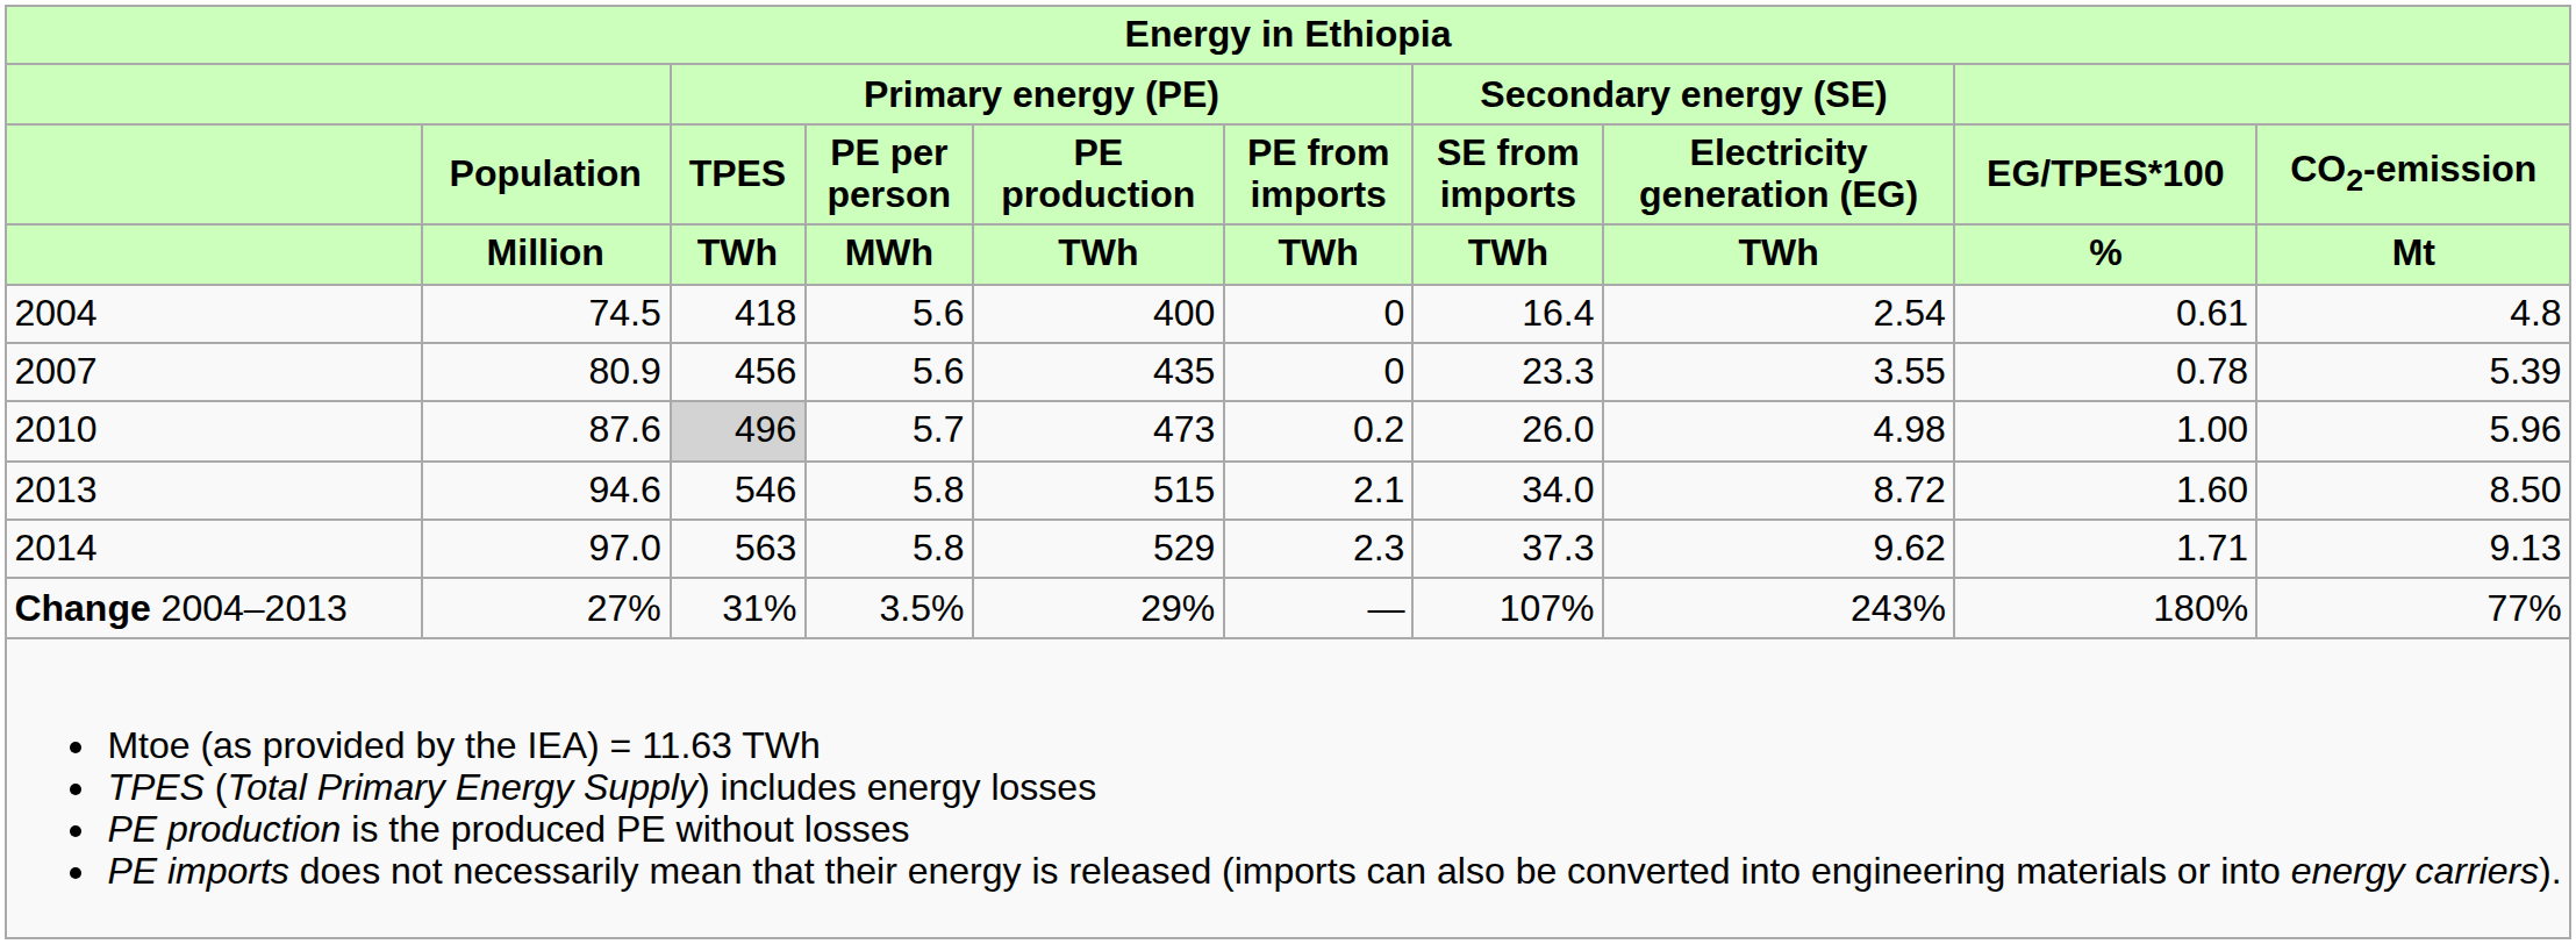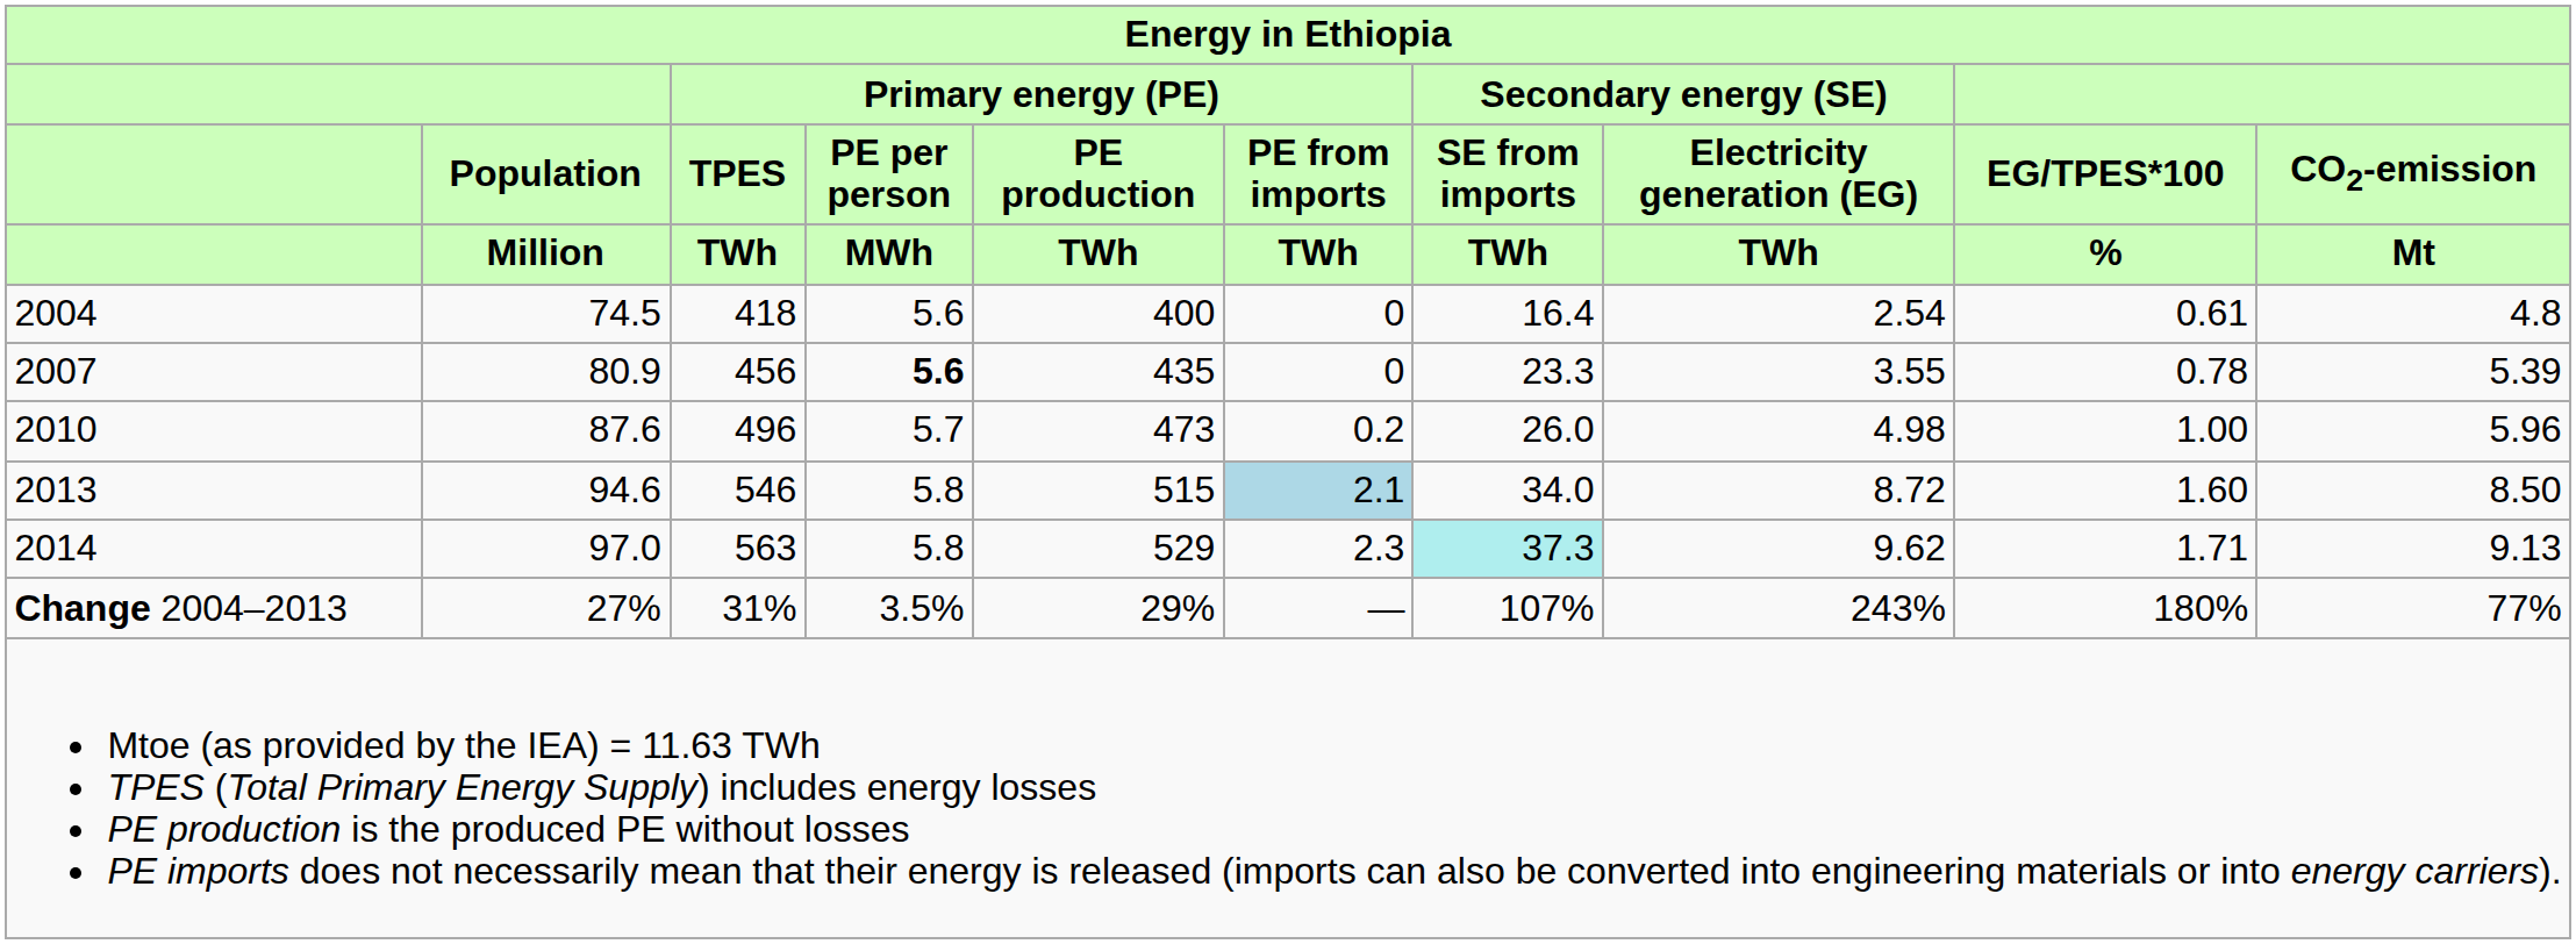 <table class="wikitable">
 <tr>
 <th colspan="10" align="center" style="background-color: #cfb;">Energy in Ethiopia</th>
 </tr>
 <tr>
 <th colspan="2" align="center" style="background-color: #cfb;"></th>
 <th colspan="4" align="center" style="background-color: #cfb;">Primary energy (PE)</th>
 <th colspan="2" align="center" style="background-color: #cfb;">Secondary energy (SE)</th>
 <th colspan="2" align="center" style="background-color: #cfb;"></th>
 </tr>
 <tr>
 <th style="background-color: #cfb;"></th>
 <th style="background-color: #cfb;">Population</th>
 <th style="background-color: #cfb;">TPES</th>
 <th style="background-color: #cfb;">PE per<br>person</th>
 <th style="background-color: #cfb;">PE<br>production</th>
 <th style="background-color: #cfb;">PE from<br>imports</th>
 <th style="background-color: #cfb;">SE from<br>imports</th>
 <th style="background-color: #cfb;">Electricity<br>generation (EG)</th>
 <th style="background-color: #cfb;">EG/TPES*100</th>
 <th style="background-color: #cfb;">CO<sub>2</sub>-emission</th>
 </tr>
 <tr ---->
 <th style="background-color: #cfb;"></th>
 <th style="background-color: #cfb;">Million</th>
 <th style="background-color: #cfb;">TWh</th>
 <th style="background-color: #cfb;">MWh</th>
 <th style="background-color: #cfb;">TWh</th>
 <th style="background-color: #cfb;">TWh</th>
 <th style="background-color: #cfb;">TWh</th>
 <th style="background-color: #cfb;">TWh</th>
 <th style="background-color: #cfb;">%</th>
 <th style="background-color: #cfb;">Mt</th>
 </tr>
 <tr --->
 <td align="left">2004</td>
 <td align="right">74.5</td>
 <td align="right">418</td>
 <td align="right">5.6</td>
 <td align="right">400</td>
 <td align="right">0</td>
 <td align="right">16.4</td>
 <td align="right">2.54</td>
 <td align="right">0.61</td>
 <td align="right">4.8</td>
 </tr>
 <tr ---->
 <td align="left">2007</td>
 <td align="right">80.9</td>
 <td align="right">456</td>
-<td align="right">5.6</td>
+<td align="right"><strong>5.6</strong></td>
 <td align="right">435</td>
 <td align="right">0</td>
 <td align="right">23.3</td>
 <td align="right">3.55</td>
 <td align="right">0.78</td>
 <td align="right">5.39</td>
 </tr>
 <tr ---->
 <td align="left">2010</td>
 <td align="right">87.6</td>
-<td align="right" style="background: lightgrey;">496</td>
+<td align="right">496</td>
 <td align="right">5.7</td>
 <td align="right">473</td>
 <td align="right">0.2</td>
 <td align="right">26.0</td>
 <td align="right">4.98</td>
 <td align="right">1.00</td>
 <td align="right">5.96</td>
 </tr>
 <tr ---->
 <td align="left">2013</td>
 <td align="right">94.6</td>
 <td align="right">546</td>
 <td align="right">5.8</td>
 <td align="right">515</td>
-<td align="right">2.1</td>
+<td align="right" style="background: lightblue;">2.1</td>
 <td align="right">34.0</td>
 <td align="right">8.72</td>
 <td align="right">1.60</td>
 <td align="right">8.50</td>
 </tr>
 <tr ---->
 <td align="left">2014</td>
 <td align="right">97.0</td>
 <td align="right">563</td>
 <td align="right">5.8</td>
 <td align="right">529</td>
 <td align="right">2.3</td>
-<td align="right">37.3</td>
+<td align="right" style="background: paleturquoise;">37.3</td>
 <td align="right">9.62</td>
 <td align="right">1.71</td>
 <td align="right">9.13</td>
 </tr>
 <tr ---->
 <td align="left"><strong>Change</strong> 2004–2013</td>
 <td align="right">27%</td>
 <td align="right">31%</td>
 <td align="right">3.5%</td>
 <td align="right">29%</td>
 <td align="right">—</td>
 <td align="right">107%</td>
 <td align="right">243%</td>
 <td align="right">180%</td>
 <td align="right">77%</td>
 </tr>
 <tr ---->
 <td align="left" colspan=10><br><ul><li>Mtoe (as provided by the IEA) = 11.63 TWh</li><li><em>TPES</em> (<em>Total Primary Energy Supply</em>) includes energy losses</li><li><em>PE production</em> is the produced PE without losses</li><li><em>PE imports</em> does not necessarily mean that their energy is released (imports can also be converted into engineering materials or into <em>energy carriers</em>).</li></ul></td>
 </tr>
 <tr ---->
 </tr>
 </table>
